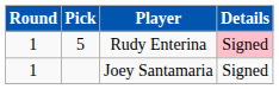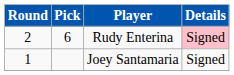 <table class="wikitable sortable sortable">
 <tr>
 <th style="background:#0055AF; color:#FFFFFF; ">Round</th>
 <th style="background:#0055AF; color:#FFFFFF; ">Pick</th>
 <th style="background:#0055AF; color:#FFFFFF; ">Player</th>
 <th style="background:#0055AF; color:#FFFFFF; ">Details</th>
 </tr>
 <tr style="text-align: center">
-<td>1</td>
-<td>5</td>
+<td>2</td>
+<td>6</td>
 <td>Rudy Enterina</td>
 <td style="background: pink;">Signed</td>
 </tr>
 <tr style="text-align: center">
 <td>1</td>
 <td></td>
 <td>Joey Santamaria</td>
 <td>Signed</td>
 </tr>
 <tr>
 </tr>
 </table>
